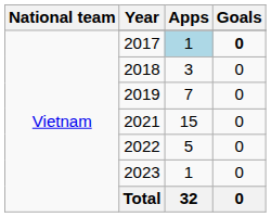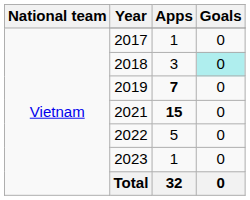 <table class="wikitable" style="text-align:center">
 <tr>
 <th>National team</th>
 <th>Year</th>
 <th>Apps</th>
 <th>Goals</th>
 </tr>
 <tr>
 <td rowspan="11"><a href='#'>Vietnam</a></td>
 </tr>
 <tr>
 <td>2017</td>
-<td style="background: lightblue;">1</td>
-<td><strong>0</strong></td>
+<td>1</td>
+<td>0</td>
 </tr>
 <tr>
 <td>2018</td>
 <td>3</td>
-<td>0</td>
+<td style="background: paleturquoise;">0</td>
 </tr>
 <tr>
 <td>2019</td>
-<td>7</td>
+<td><strong>7</strong></td>
 <td>0</td>
 </tr>
 <tr>
 <td>2021</td>
-<td>15</td>
+<td><strong>15</strong></td>
 <td>0</td>
 </tr>
 <tr>
 <td>2022</td>
 <td>5</td>
 <td>0</td>
 </tr>
 <tr>
 <td>2023</td>
 <td>1</td>
 <td>0</td>
 </tr>
 <tr>
 <th colspan=1>Total</th>
 <th>32</th>
 <th>0</th>
 </tr>
 </table>
